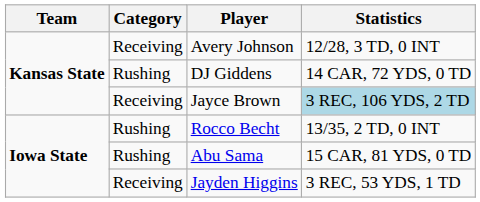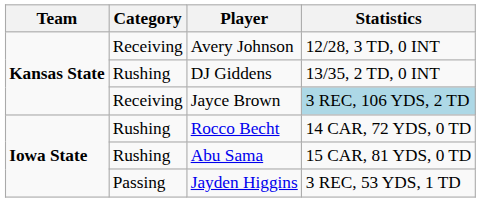 <table class="wikitable" style="float: right;">
 <tr>
 <th>Team</th>
 <th>Category</th>
 <th>Player</th>
 <th>Statistics</th>
 </tr>
 <tr>
 <td rowspan=3><strong>Kansas State</strong></td>
 <td>Receiving</td>
 <td>Avery Johnson</td>
 <td>12/28, 3 TD, 0 INT</td>
 </tr>
 <tr>
 <td>Rushing</td>
 <td>DJ Giddens</td>
-<td>14 CAR, 72 YDS, 0 TD</td>
+<td>13/35, 2 TD, 0 INT</td>
 </tr>
 <tr>
 <td>Receiving</td>
 <td>Jayce Brown</td>
 <td style="background: lightblue;">3 REC, 106 YDS, 2 TD</td>
 </tr>
 <tr>
 <td rowspan=3><strong>Iowa State</strong></td>
 <td>Rushing</td>
 <td><a href='#'>Rocco Becht</a></td>
-<td>13/35, 2 TD, 0 INT</td>
+<td>14 CAR, 72 YDS, 0 TD</td>
 </tr>
 <tr>
 <td>Rushing</td>
 <td><a href='#'>Abu Sama</a></td>
 <td>15 CAR, 81 YDS, 0 TD</td>
 </tr>
 <tr>
-<td>Receiving</td>
+<td>Passing</td>
 <td><a href='#'>Jayden Higgins</a></td>
 <td>3 REC, 53 YDS, 1 TD</td>
 </tr>
 </table>
